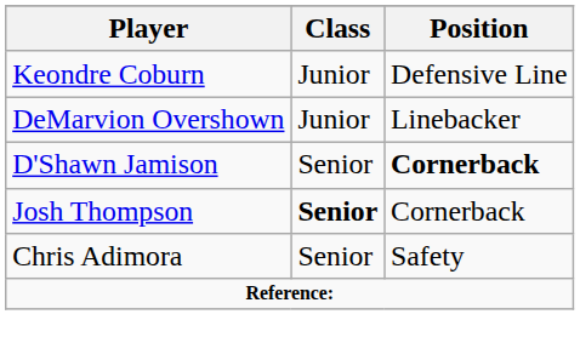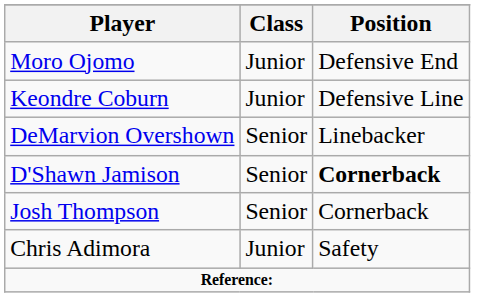 <table class="wikitable">
 <tr style="text-align:center; ">
 </tr>
 <tr>
 <th style="text-align:center; ">Player</th>
 <th style="text-align:center; ">Class</th>
 <th style="text-align:center; ">Position</th>
 </tr>
 <tr>
+<td><a href='#'>Moro Ojomo</a></td>
+<td>Junior</td>
+<td>Defensive End</td>
+</tr>
+<tr>
 <td><a href='#'>Keondre Coburn</a></td>
 <td>Junior</td>
 <td>Defensive Line</td>
 </tr>
 <tr>
 <td><a href='#'>DeMarvion Overshown</a></td>
-<td>Junior</td>
+<td>Senior</td>
 <td>Linebacker</td>
 </tr>
 <tr>
 <td><a href='#'>D'Shawn Jamison</a></td>
 <td>Senior</td>
 <td><strong>Cornerback</strong></td>
 </tr>
 <tr>
 <td><a href='#'>Josh Thompson</a></td>
-<td><strong>Senior</strong></td>
+<td>Senior</td>
 <td>Cornerback</td>
 </tr>
 <tr>
 <td>Chris Adimora</td>
-<td>Senior</td>
+<td>Junior</td>
 <td>Safety</td>
 </tr>
 <tr>
 <td colspan="3"  style="font-size:8pt; text-align:center;"><strong>Reference:</strong></td>
 </tr>
 </table>
